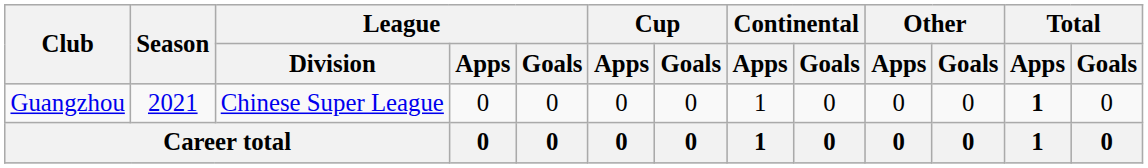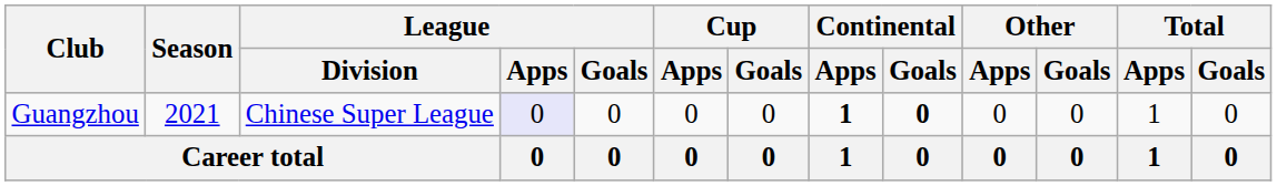 <table class="wikitable" style="text-align: center">
 <tr>
 <th rowspan="2">Club</th>
 <th rowspan="2">Season</th>
 <th colspan="3">League</th>
 <th colspan="2">Cup</th>
 <th colspan="2">Continental</th>
 <th colspan="2">Other</th>
 <th colspan="2">Total</th>
 </tr>
 <tr>
 <th>Division</th>
 <th>Apps</th>
 <th>Goals</th>
 <th>Apps</th>
 <th>Goals</th>
 <th>Apps</th>
 <th>Goals</th>
 <th>Apps</th>
 <th>Goals</th>
 <th>Apps</th>
 <th>Goals</th>
 </tr>
 <tr>
 <td><a href='#'>Guangzhou</a></td>
 <td><a href='#'>2021</a></td>
 <td><a href='#'>Chinese Super League</a></td>
-<td>0</td>
-<td>0</td>
-<td>0</td>
-<td>0</td>
-<td>1</td>
+<td style="background: lavender;">0</td>
 <td>0</td>
 <td>0</td>
 <td>0</td>
 <td><strong>1</strong></td>
+<td><strong>0</strong></td>
+<td>0</td>
+<td>0</td>
+<td>1</td>
 <td>0</td>
 </tr>
 <tr>
 <th colspan=3>Career total</th>
 <th>0</th>
 <th>0</th>
 <th>0</th>
 <th>0</th>
 <th>1</th>
 <th>0</th>
 <th>0</th>
 <th>0</th>
 <th>1</th>
 <th>0</th>
 </tr>
 </table>
